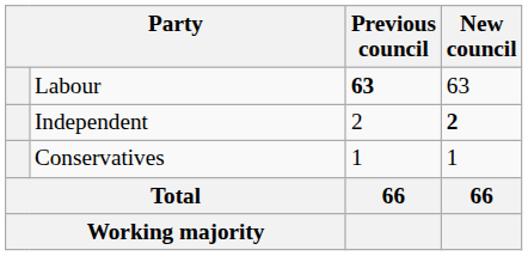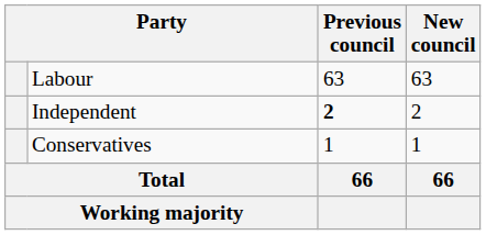 <table class="wikitable">
 <tr>
 <th valign=top colspan="2" style="width: 230px">Party</th>
 <th valign=top style="width: 30px">Previous council</th>
 <th valign=top style="width: 30px">New council</th>
 </tr>
 <tr>
 <th style="background-color: "></th>
 <td>Labour</td>
-<td><strong>63</strong></td>
+<td>63</td>
 <td>63</td>
 </tr>
 <tr>
 <th style="background-color: "></th>
 <td>Independent</td>
+<td><strong>2</strong></td>
 <td>2</td>
-<td><strong>2</strong></td>
 </tr>
 <tr>
 <th style="background-color: "></th>
 <td>Conservatives</td>
 <td>1</td>
 <td>1</td>
 </tr>
 <tr>
 <th colspan=2>Total</th>
 <th style="text-align: center">66</th>
 <th colspan=3>66</th>
 </tr>
 <tr>
 <th colspan=2>Working majority</th>
 <th></th>
 <th></th>
 </tr>
 </table>
